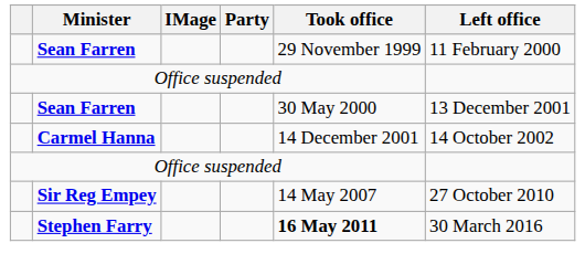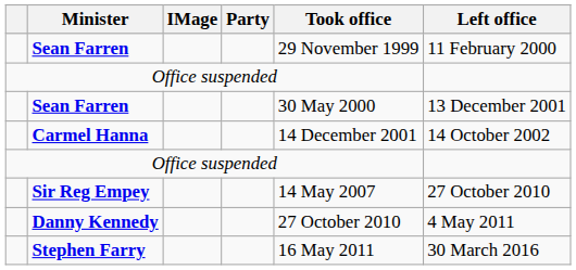 <table class="wikitable" style="margin: 1em auto 1em auto">
 <tr bgcolor=cccccc>
 <th></th>
 <th>Minister</th>
 <th>IMage</th>
 <th>Party</th>
 <th>Took office</th>
 <th>Left office</th>
 </tr>
 <tr>
 <td style="background:">   </td>
 <td><strong><a href='#'>Sean Farren</a></strong></td>
 <td></td>
 <td></td>
 <td>29 November 1999</td>
 <td>11 February 2000</td>
 </tr>
 <tr>
 <td colspan="5" align="center"><em>Office suspended</em></td>
 <td></td>
 </tr>
 <tr>
 <td style="background:">   </td>
 <td><strong><a href='#'>Sean Farren</a></strong></td>
 <td></td>
 <td></td>
 <td>30 May 2000</td>
 <td>13 December 2001</td>
 </tr>
 <tr>
 <td style="background:">   </td>
 <td><strong><a href='#'>Carmel Hanna</a></strong></td>
 <td></td>
 <td></td>
 <td>14 December 2001</td>
 <td>14 October 2002</td>
 </tr>
 <tr>
 <td colspan="5" align="center"><em>Office suspended</em></td>
 <td></td>
 </tr>
 <tr>
 <td style="background:">   </td>
 <td><strong><a href='#'>Sir Reg Empey</a></strong></td>
 <td></td>
 <td></td>
 <td>14 May 2007</td>
 <td>27 October 2010</td>
 </tr>
 <tr>
 <td style="background:">   </td>
+<td><strong><a href='#'>Danny Kennedy</a></strong></td>
+<td></td>
+<td></td>
+<td>27 October 2010</td>
+<td>4 May 2011</td>
+</tr>
+<tr>
+<td style="background:">   </td>
 <td><strong><a href='#'>Stephen Farry</a></strong></td>
 <td></td>
 <td></td>
-<td><strong>16 May 2011</strong></td>
+<td>16 May 2011</td>
 <td>30 March 2016</td>
 </tr>
 </table>
